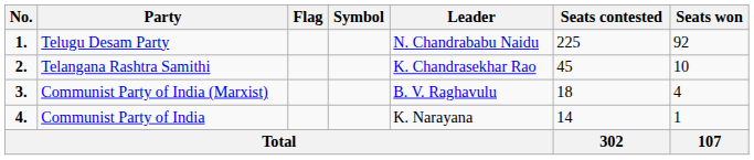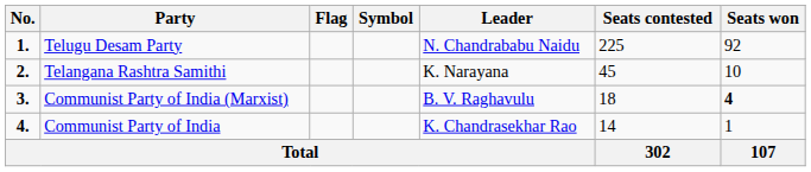 <table class="wikitable" width="60%">
 <tr>
 <th>No.</th>
 <th>Party</th>
 <th>Flag</th>
 <th>Symbol</th>
 <th>Leader</th>
 <th>Seats contested</th>
 <th>Seats won</th>
 </tr>
 <tr>
 <td style="text-align:center; background:"><strong>1.</strong></td>
 <td><a href='#'>Telugu Desam Party</a></td>
 <td></td>
 <td></td>
 <td><a href='#'>N. Chandrababu Naidu</a></td>
 <td>225</td>
 <td>92</td>
 </tr>
 <tr>
 <td style="text-align:center; background:"><span><strong>2.</strong></span></td>
 <td><a href='#'>Telangana Rashtra Samithi</a></td>
 <td></td>
 <td></td>
-<td><a href='#'>K. Chandrasekhar Rao</a></td>
+<td>K. Narayana</td>
 <td>45</td>
 <td>10</td>
 </tr>
 <tr>
 <td style="text-align:center; background:"><span><strong>3.</strong></span></td>
 <td><a href='#'>Communist Party of India (Marxist)</a></td>
 <td></td>
 <td></td>
 <td><a href='#'>B. V. Raghavulu</a></td>
 <td>18</td>
-<td>4</td>
+<td><strong>4</strong></td>
 </tr>
 <tr>
 <td style="text-align:Center; background:"><span><strong>4.</strong></span></td>
 <td><a href='#'>Communist Party of India</a></td>
 <td></td>
 <td></td>
-<td>K. Narayana</td>
+<td><a href='#'>K. Chandrasekhar Rao</a></td>
 <td>14</td>
 <td>1</td>
 </tr>
 <tr>
 <th colspan="5">Total</th>
 <th>302</th>
 <th>107</th>
 </tr>
 </table>
